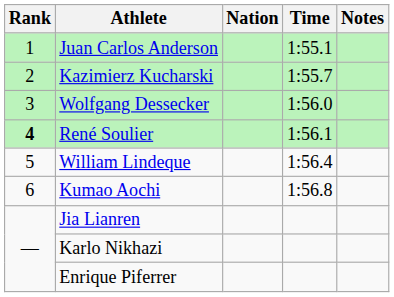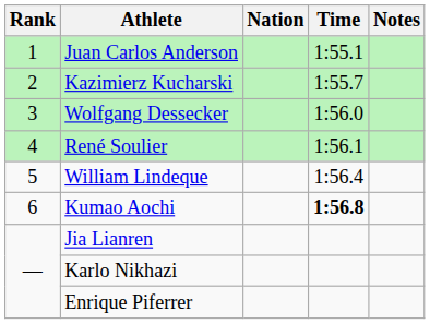 <table class="wikitable sortable" style="text-align:center">
 <tr>
 <th>Rank</th>
 <th>Athlete</th>
 <th>Nation</th>
 <th>Time</th>
 <th>Notes</th>
 </tr>
 <tr bgcolor=bbf3bb>
 <td>1</td>
 <td align=left><a href='#'>Juan Carlos Anderson</a></td>
 <td align=left></td>
 <td>1:55.1</td>
 <td></td>
 </tr>
 <tr bgcolor=bbf3bb>
 <td>2</td>
 <td align=left><a href='#'>Kazimierz Kucharski</a></td>
 <td align=left></td>
 <td>1:55.7</td>
 <td></td>
 </tr>
 <tr bgcolor=bbf3bb>
 <td>3</td>
 <td align=left><a href='#'>Wolfgang Dessecker</a></td>
 <td align=left></td>
 <td>1:56.0</td>
 <td></td>
 </tr>
 <tr bgcolor=bbf3bb>
-<td><strong>4</strong></td>
+<td>4</td>
 <td align=left><a href='#'>René Soulier</a></td>
 <td align=left></td>
 <td>1:56.1</td>
 <td></td>
 </tr>
 <tr>
 <td>5</td>
 <td align=left><a href='#'>William Lindeque</a></td>
 <td align=left></td>
 <td>1:56.4</td>
 <td></td>
 </tr>
 <tr>
 <td>6</td>
 <td align=left><a href='#'>Kumao Aochi</a></td>
 <td align=left></td>
-<td>1:56.8</td>
+<td><strong>1:56.8</strong></td>
 <td></td>
 </tr>
 <tr>
 <td data-sort-value=7 rowspan=3>—</td>
 <td align=left><a href='#'>Jia Lianren</a></td>
 <td align=left></td>
 <td></td>
 <td></td>
 </tr>
 <tr>
 <td align=left>Karlo Nikhazi</td>
 <td align=left></td>
 <td></td>
 <td></td>
 </tr>
 <tr>
 <td align=left>Enrique Piferrer</td>
 <td align=left></td>
 <td></td>
 <td></td>
 </tr>
 </table>
